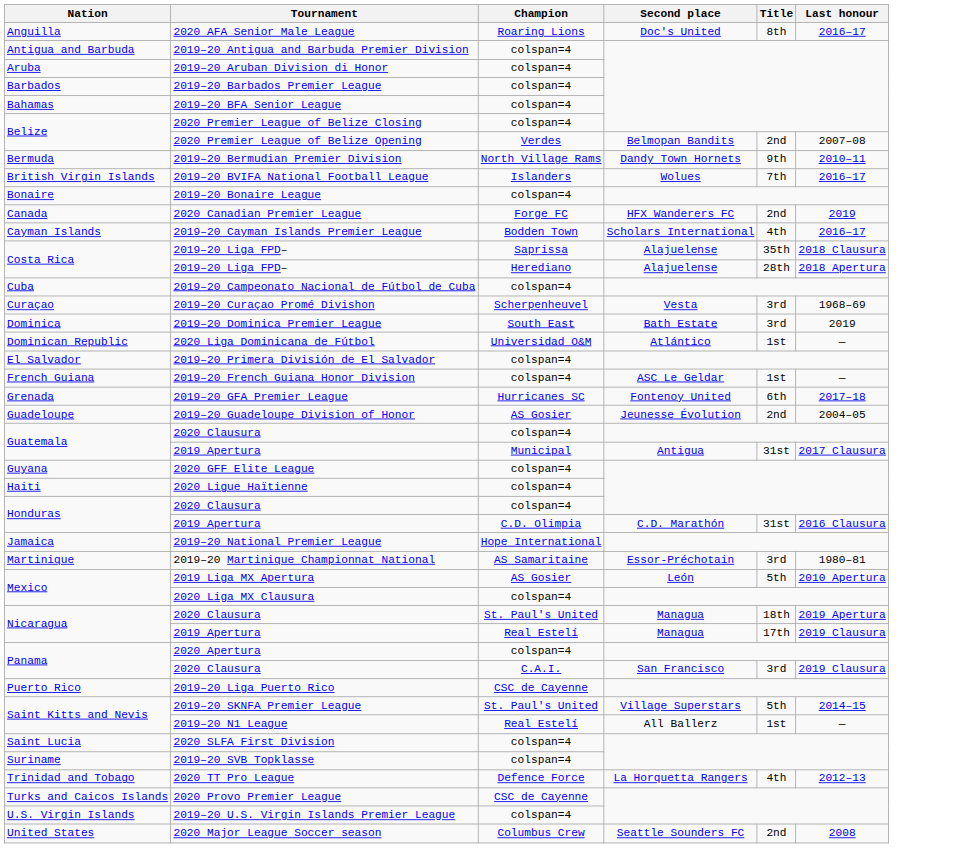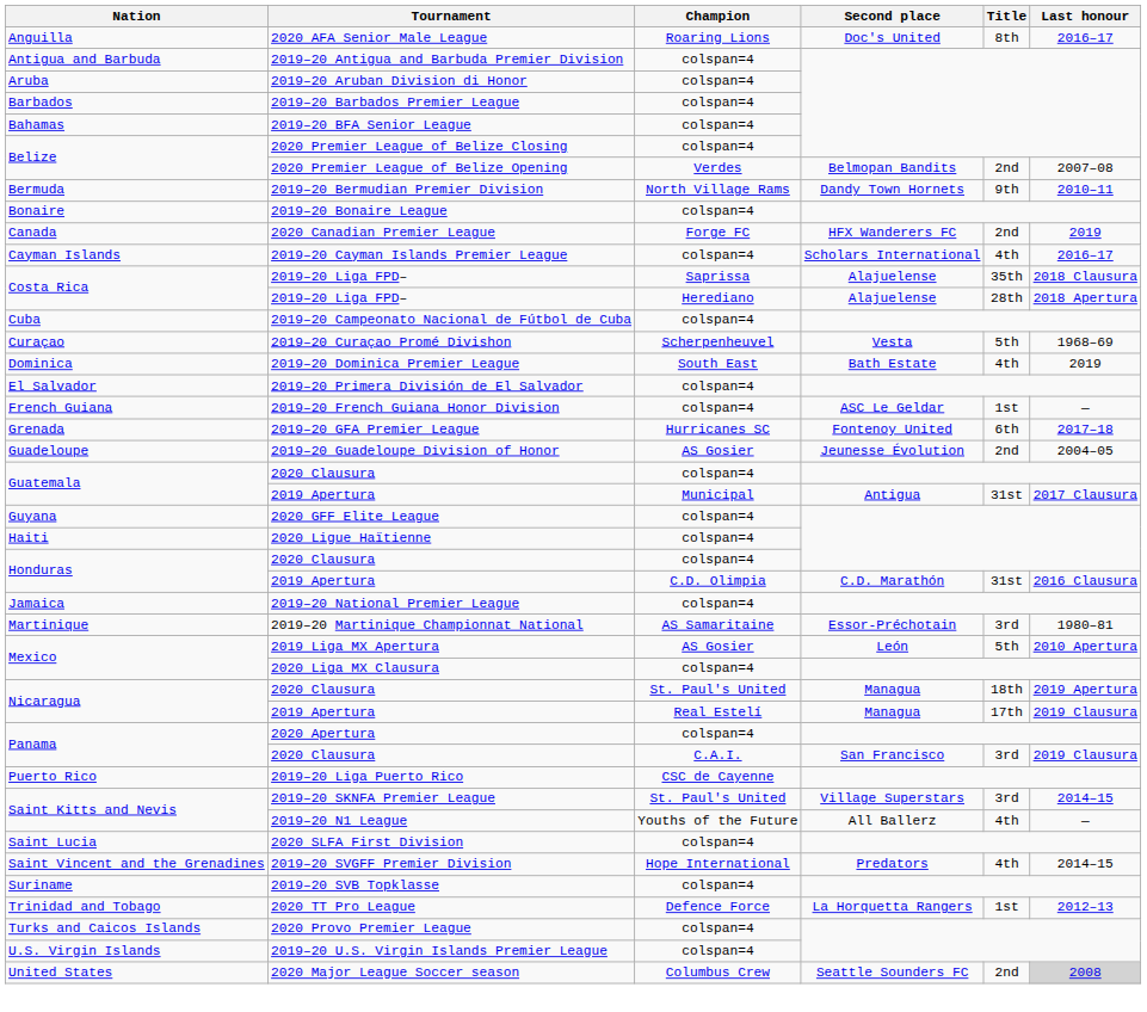 <table class="wikitable sortable" style="text-align:center;">
 <tr>
 <th>Nation</th>
 <th>Tournament</th>
 <th>Champion</th>
 <th>Second place</th>
 <th data-sort-type="number">Title</th>
 <th>Last honour</th>
 </tr>
 <tr>
 <td align=left> <a href='#'>Anguilla</a></td>
 <td align=left><a href='#'>2020 AFA Senior Male League</a></td>
 <td><a href='#'>Roaring Lions</a></td>
 <td><a href='#'>Doc's United</a></td>
 <td>8th</td>
 <td><a href='#'>2016–17</a></td>
 </tr>
 <tr>
 <td align=left> <a href='#'>Antigua and Barbuda</a></td>
 <td align=left><a href='#'>2019–20 Antigua and Barbuda Premier Division</a></td>
 <td>colspan=4 </td>
 </tr>
 <tr>
 <td align=left> <a href='#'>Aruba</a></td>
 <td align=left><a href='#'>2019–20 Aruban Division di Honor</a></td>
 <td>colspan=4 </td>
 </tr>
 <tr>
 <td align=left> <a href='#'>Barbados</a></td>
 <td align=left><a href='#'>2019–20 Barbados Premier League</a></td>
 <td>colspan=4 </td>
 </tr>
 <tr>
 <td align=left> <a href='#'>Bahamas</a></td>
 <td align=left><a href='#'>2019–20 BFA Senior League</a></td>
 <td>colspan=4 </td>
 </tr>
 <tr>
 <td align=left rowspan=2> <a href='#'>Belize</a></td>
 <td align=left><a href='#'>2020 Premier League of Belize Closing</a></td>
 <td>colspan=4 </td>
 </tr>
 <tr>
 <td align=left><a href='#'>2020 Premier League of Belize Opening</a></td>
 <td><a href='#'>Verdes</a></td>
 <td><a href='#'>Belmopan Bandits</a></td>
 <td>2nd</td>
 <td>2007–08</td>
 </tr>
 <tr>
 <td align=left> <a href='#'>Bermuda</a></td>
 <td align=left><a href='#'>2019–20 Bermudian Premier Division</a></td>
 <td><a href='#'>North Village Rams</a></td>
 <td><a href='#'>Dandy Town Hornets</a></td>
 <td>9th</td>
 <td><a href='#'>2010–11</a></td>
 </tr>
 <tr>
-<td align=left> <a href='#'>British Virgin Islands</a></td>
-<td align=left><a href='#'>2019–20 BVIFA National Football League</a></td>
-<td><a href='#'>Islanders</a></td>
-<td><a href='#'>Wolues</a></td>
-<td>7th</td>
-<td><a href='#'>2016–17</a></td>
-</tr>
-<tr>
 <td align=left> <a href='#'>Bonaire</a></td>
 <td align=left><a href='#'>2019–20 Bonaire League</a></td>
 <td>colspan=4 </td>
 </tr>
 <tr>
 <td align=left> <a href='#'>Canada</a></td>
 <td align=left><a href='#'>2020 Canadian Premier League</a></td>
 <td><a href='#'>Forge FC</a></td>
 <td><a href='#'>HFX Wanderers FC</a></td>
 <td>2nd</td>
 <td><a href='#'>2019</a></td>
 </tr>
 <tr>
 <td align=left> <a href='#'>Cayman Islands</a></td>
 <td align=left><a href='#'>2019–20 Cayman Islands Premier League</a></td>
-<td><a href='#'>Bodden Town</a></td>
+<td>colspan=4 </td>
 <td><a href='#'>Scholars International</a></td>
 <td>4th</td>
 <td><a href='#'>2016–17</a></td>
 </tr>
 <tr>
 <td align=left rowspan=2> <a href='#'>Costa Rica</a></td>
 <td align=left><a href='#'>2019–20 Liga FPD</a>–</td>
 <td><a href='#'>Saprissa</a></td>
 <td><a href='#'>Alajuelense</a></td>
 <td>35th</td>
 <td><a href='#'>2018 Clausura</a></td>
 </tr>
 <tr>
 <td align=left><a href='#'>2019–20 Liga FPD</a>–</td>
 <td><a href='#'>Herediano</a></td>
 <td><a href='#'>Alajuelense</a></td>
 <td>28th</td>
 <td><a href='#'>2018 Apertura</a></td>
 </tr>
 <tr>
 <td align=left> <a href='#'>Cuba</a></td>
 <td align=left><a href='#'>2019–20 Campeonato Nacional de Fútbol de Cuba</a></td>
 <td>colspan=4 </td>
 </tr>
 <tr>
 <td align=left> <a href='#'>Curaçao</a></td>
 <td align=left><a href='#'>2019–20 Curaçao Promé Divishon</a></td>
 <td><a href='#'>Scherpenheuvel</a></td>
 <td><a href='#'>Vesta</a></td>
-<td>3rd</td>
+<td>5th</td>
 <td>1968–69</td>
 </tr>
 <tr>
 <td align=left> <a href='#'>Dominica</a></td>
 <td align=left><a href='#'>2019–20 Dominica Premier League</a></td>
 <td><a href='#'>South East</a></td>
 <td><a href='#'>Bath Estate</a></td>
-<td>3rd</td>
+<td>4th</td>
 <td>2019</td>
-</tr>
-<tr>
-<td align=left> <a href='#'>Dominican Republic</a></td>
-<td align=left><a href='#'>2020 Liga Dominicana de Fútbol</a></td>
-<td><a href='#'>Universidad O&M</a></td>
-<td><a href='#'>Atlántico</a></td>
-<td>1st</td>
-<td>—</td>
 </tr>
 <tr>
 <td align=left> <a href='#'>El Salvador</a></td>
 <td align=left><a href='#'>2019–20 Primera División de El Salvador</a></td>
 <td>colspan=4 </td>
 </tr>
 <tr>
 <td align=left> <a href='#'>French Guiana</a></td>
 <td align=left><a href='#'>2019–20 French Guiana Honor Division</a></td>
 <td>colspan=4 </td>
 <td><a href='#'>ASC Le Geldar</a></td>
 <td>1st</td>
 <td>—</td>
 </tr>
 <tr>
 <td align=left> <a href='#'>Grenada</a></td>
 <td align=left><a href='#'>2019–20 GFA Premier League</a></td>
 <td><a href='#'>Hurricanes SC</a></td>
 <td><a href='#'>Fontenoy United</a></td>
 <td>6th</td>
 <td><a href='#'>2017–18</a></td>
 </tr>
 <tr>
 <td align=left>  <a href='#'>Guadeloupe</a></td>
 <td align=left><a href='#'>2019–20 Guadeloupe Division of Honor</a></td>
 <td><a href='#'>AS Gosier</a></td>
 <td><a href='#'>Jeunesse Évolution</a></td>
 <td>2nd</td>
 <td>2004–05</td>
 </tr>
 <tr>
 <td align=left rowspan=2> <a href='#'>Guatemala</a></td>
 <td align=left><a href='#'>2020 Clausura</a></td>
 <td>colspan=4 </td>
 </tr>
 <tr>
 <td align=left><a href='#'>2019 Apertura</a></td>
 <td><a href='#'>Municipal</a></td>
 <td><a href='#'>Antigua</a></td>
 <td>31st</td>
 <td><a href='#'>2017 Clausura</a></td>
 </tr>
 <tr>
 <td align=left> <a href='#'>Guyana</a></td>
 <td align=left><a href='#'>2020 GFF Elite League</a></td>
 <td>colspan=4 </td>
 </tr>
 <tr>
 <td align=left> <a href='#'>Haiti</a></td>
 <td align=left><a href='#'>2020 Ligue Haïtienne</a></td>
 <td>colspan=4 </td>
 </tr>
 <tr>
 <td align=left rowspan=2> <a href='#'>Honduras</a></td>
 <td align=left><a href='#'>2020 Clausura</a></td>
 <td>colspan=4 </td>
 </tr>
 <tr>
 <td align=left><a href='#'>2019 Apertura</a></td>
 <td><a href='#'>C.D. Olimpia</a></td>
 <td><a href='#'>C.D. Marathón</a></td>
 <td>31st</td>
 <td><a href='#'>2016 Clausura</a></td>
 </tr>
 <tr>
 <td align=left> <a href='#'>Jamaica</a></td>
 <td align=left><a href='#'>2019–20 National Premier League</a></td>
-<td><a href='#'>Hope International</a></td>
+<td>colspan=4 </td>
 </tr>
 <tr>
 <td align=left> <a href='#'>Martinique</a></td>
 <td align=left>2019–20 <a href='#'>Martinique Championnat National</a></td>
 <td><a href='#'>AS Samaritaine</a></td>
 <td><a href='#'>Essor-Préchotain</a></td>
 <td>3rd</td>
 <td>1980–81</td>
 </tr>
 <tr>
 <td align=left rowspan=2> <a href='#'>Mexico</a></td>
 <td align=left><a href='#'>2019 Liga MX Apertura</a></td>
 <td><a href='#'>AS Gosier</a></td>
 <td><a href='#'>León</a></td>
 <td>5th</td>
 <td><a href='#'>2010 Apertura</a></td>
 </tr>
 <tr>
 <td align=left><a href='#'>2020 Liga MX Clausura</a></td>
 <td>colspan=4 </td>
 </tr>
 <tr>
 <td align=left rowspan=2> <a href='#'>Nicaragua</a></td>
 <td align=left><a href='#'>2020 Clausura</a></td>
 <td><a href='#'>St. Paul's United</a></td>
 <td><a href='#'>Managua</a></td>
 <td>18th</td>
 <td><a href='#'>2019 Apertura</a></td>
 </tr>
 <tr>
 <td align=left><a href='#'>2019 Apertura</a></td>
 <td><a href='#'>Real Estelí</a></td>
 <td><a href='#'>Managua</a></td>
 <td>17th</td>
 <td><a href='#'>2019 Clausura</a></td>
 </tr>
 <tr>
 <td align=left rowspan=2> <a href='#'>Panama</a></td>
 <td align=left><a href='#'>2020 Apertura</a></td>
 <td>colspan=4 </td>
 </tr>
 <tr>
 <td align=left><a href='#'>2020 Clausura</a></td>
 <td><a href='#'>C.A.I.</a></td>
 <td><a href='#'>San Francisco</a></td>
 <td>3rd</td>
 <td><a href='#'>2019 Clausura</a></td>
 </tr>
 <tr>
 <td align=left> <a href='#'>Puerto Rico</a></td>
 <td align=left><a href='#'>2019–20 Liga Puerto Rico</a></td>
 <td><a href='#'>CSC de Cayenne</a></td>
 </tr>
 <tr>
 <td align=left rowspan=2> <a href='#'>Saint Kitts and Nevis</a></td>
 <td align=left><a href='#'>2019–20 SKNFA Premier League</a></td>
 <td><a href='#'>St. Paul's United</a></td>
 <td><a href='#'>Village Superstars</a></td>
-<td>5th</td>
+<td>3rd</td>
 <td><a href='#'>2014–15</a></td>
 </tr>
 <tr>
 <td align=left><a href='#'>2019–20 N1 League</a></td>
-<td><a href='#'>Real Estelí</a></td>
+<td>Youths of the Future</td>
 <td>All Ballerz</td>
-<td>1st</td>
+<td>4th</td>
 <td>—</td>
 </tr>
 <tr>
 <td align=left> <a href='#'>Saint Lucia</a></td>
 <td align=left><a href='#'>2020 SLFA First Division</a></td>
 <td>colspan=4 </td>
+</tr>
+<tr>
+<td align=left> <a href='#'>Saint Vincent and the Grenadines</a></td>
+<td align=left><a href='#'>2019–20 SVGFF Premier Division</a></td>
+<td><a href='#'>Hope International</a></td>
+<td><a href='#'>Predators</a></td>
+<td>4th</td>
+<td>2014–15</td>
 </tr>
 <tr>
 <td align=left> <a href='#'>Suriname</a></td>
 <td align=left><a href='#'>2019–20 SVB Topklasse</a></td>
 <td>colspan=4 </td>
 </tr>
 <tr>
 <td align=left> <a href='#'>Trinidad and Tobago</a></td>
 <td align=left><a href='#'>2020 TT Pro League</a></td>
 <td><a href='#'>Defence Force</a></td>
 <td><a href='#'>La Horquetta Rangers</a></td>
-<td>4th</td>
+<td>1st</td>
 <td><a href='#'>2012–13</a></td>
 </tr>
 <tr>
 <td align=left> <a href='#'>Turks and Caicos Islands</a></td>
 <td align=left><a href='#'>2020 Provo Premier League</a></td>
-<td><a href='#'>CSC de Cayenne</a></td>
+<td>colspan=4 </td>
 </tr>
 <tr>
 <td align=left> <a href='#'>U.S. Virgin Islands</a></td>
 <td align=left><a href='#'>2019–20 U.S. Virgin Islands Premier League</a></td>
 <td>colspan=4 </td>
 </tr>
 <tr>
 <td align=left> <a href='#'>United States</a></td>
 <td align=left><a href='#'>2020 Major League Soccer season</a></td>
 <td><a href='#'>Columbus Crew</a></td>
 <td><a href='#'>Seattle Sounders FC</a></td>
 <td>2nd</td>
-<td><a href='#'>2008</a></td>
+<td style="background: lightgrey;"><a href='#'>2008</a></td>
 </tr>
 </table>
